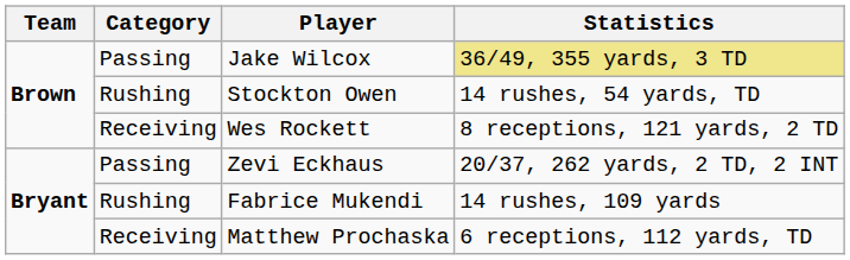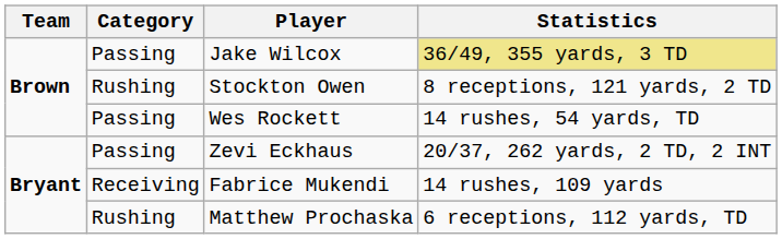 <table class="wikitable" style="float: left;">
 <tr>
 <th>Team</th>
 <th>Category</th>
 <th>Player</th>
 <th>Statistics</th>
 </tr>
 <tr>
 <td rowspan=3><strong>Brown</strong></td>
 <td>Passing</td>
 <td>Jake Wilcox</td>
 <td style="background: khaki;">36/49, 355 yards, 3 TD</td>
 </tr>
 <tr>
 <td>Rushing</td>
 <td>Stockton Owen</td>
-<td>14 rushes, 54 yards, TD</td>
+<td>8 receptions, 121 yards, 2 TD</td>
 </tr>
 <tr>
-<td>Receiving</td>
+<td>Passing</td>
 <td>Wes Rockett</td>
-<td>8 receptions, 121 yards, 2 TD</td>
+<td>14 rushes, 54 yards, TD</td>
 </tr>
 <tr>
 <td rowspan=3><strong>Bryant</strong></td>
 <td>Passing</td>
 <td>Zevi Eckhaus</td>
 <td>20/37, 262 yards, 2 TD, 2 INT</td>
 </tr>
 <tr>
-<td>Rushing</td>
+<td>Receiving</td>
 <td>Fabrice Mukendi</td>
 <td>14 rushes, 109 yards</td>
 </tr>
 <tr>
-<td>Receiving</td>
+<td>Rushing</td>
 <td>Matthew Prochaska</td>
 <td>6 receptions, 112 yards, TD</td>
 </tr>
 </table>
